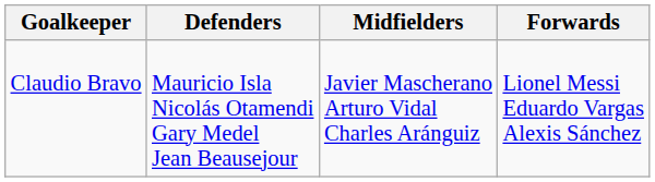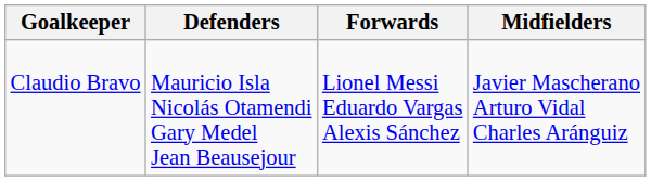 <table class="wikitable" style="mArgin: 0 auto;">
 <tr>
 <th>Goalkeeper</th>
 <th>Defenders</th>
+<th>Forwards</th>
 <th>Midfielders</th>
-<th>Forwards</th>
 </tr>
 <tr>
 <td valign=top><br> <a href='#'>Claudio Bravo</a></td>
 <td valign=top><br> <a href='#'>Mauricio Isla</a><br>  <a href='#'>Nicolás Otamendi</a><br>  <a href='#'>Gary Medel</a><br>  <a href='#'>Jean Beausejour</a></td>
+<td valign=top><br> <a href='#'>Lionel Messi</a><br>  <a href='#'>Eduardo Vargas</a><br>  <a href='#'>Alexis Sánchez</a></td>
 <td valign=top><br> <a href='#'>Javier Mascherano</a><br>  <a href='#'>Arturo Vidal</a><br>  <a href='#'>Charles Aránguiz</a></td>
-<td valign=top><br> <a href='#'>Lionel Messi</a><br>  <a href='#'>Eduardo Vargas</a><br>  <a href='#'>Alexis Sánchez</a></td>
 </tr>
 </table>
